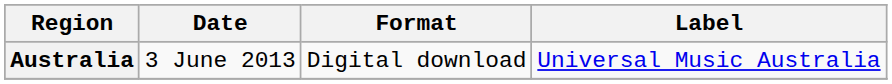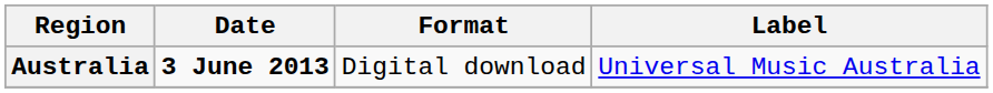 <table class="wikitable plainrowheaders">
 <tr>
 <th scope="col">Region</th>
 <th scope="col">Date</th>
 <th scope="col">Format</th>
 <th scope="col">Label</th>
 </tr>
 <tr>
 <th rowspan="1" scope="row">Australia</th>
-<td>3 June 2013</td>
+<td><strong>3 June 2013</strong></td>
 <td>Digital download</td>
 <td rowspan="1"><a href='#'>Universal Music Australia</a></td>
 </tr>
 <tr>
 </tr>
 </table>
